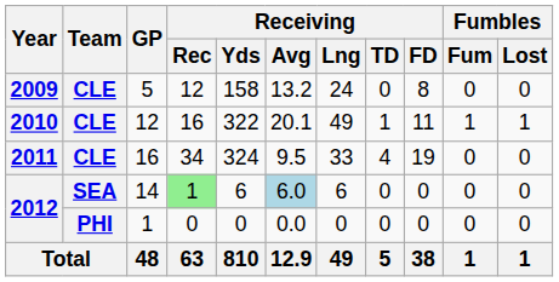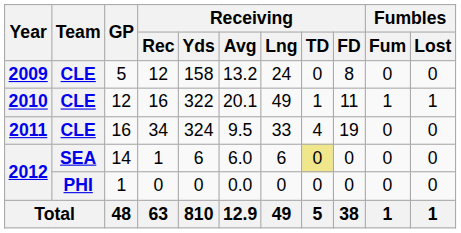 <table class="wikitable" style="text-align:center;">
 <tr>
 <th rowspan="2">Year</th>
 <th rowspan="2">Team</th>
 <th rowspan="2">GP</th>
 <th colspan="6">Receiving</th>
 <th colspan="2">Fumbles</th>
 </tr>
 <tr>
 <th>Rec</th>
 <th>Yds</th>
 <th>Avg</th>
 <th>Lng</th>
 <th>TD</th>
 <th>FD</th>
 <th>Fum</th>
 <th>Lost</th>
 </tr>
 <tr>
 <th><a href='#'>2009</a></th>
 <th><a href='#'>CLE</a></th>
 <td>5</td>
 <td>12</td>
 <td>158</td>
 <td>13.2</td>
 <td>24</td>
 <td>0</td>
 <td>8</td>
 <td>0</td>
 <td>0</td>
 </tr>
 <tr>
 <th><a href='#'>2010</a></th>
 <th><a href='#'>CLE</a></th>
 <td>12</td>
 <td>16</td>
 <td>322</td>
 <td>20.1</td>
 <td>49</td>
 <td>1</td>
 <td>11</td>
 <td>1</td>
 <td>1</td>
 </tr>
 <tr>
 <th><a href='#'>2011</a></th>
 <th><a href='#'>CLE</a></th>
 <td>16</td>
 <td>34</td>
 <td>324</td>
 <td>9.5</td>
 <td>33</td>
 <td>4</td>
 <td>19</td>
 <td>0</td>
 <td>0</td>
 </tr>
 <tr>
 <th rowspan="2"><a href='#'>2012</a></th>
 <th><a href='#'>SEA</a></th>
 <td>14</td>
-<td style="background: lightgreen;">1</td>
+<td>1</td>
 <td>6</td>
-<td style="background: lightblue;">6.0</td>
+<td>6.0</td>
 <td>6</td>
-<td>0</td>
+<td style="background: khaki;">0</td>
 <td>0</td>
 <td>0</td>
 <td>0</td>
 </tr>
 <tr>
 <th><a href='#'>PHI</a></th>
 <td>1</td>
 <td>0</td>
 <td>0</td>
 <td>0.0</td>
 <td>0</td>
 <td>0</td>
 <td>0</td>
 <td>0</td>
 <td>0</td>
 </tr>
 <tr>
 <th colspan="2">Total</th>
 <th>48</th>
 <th>63</th>
 <th>810</th>
 <th>12.9</th>
 <th>49</th>
 <th>5</th>
 <th>38</th>
 <th>1</th>
 <th>1</th>
 </tr>
 </table>
